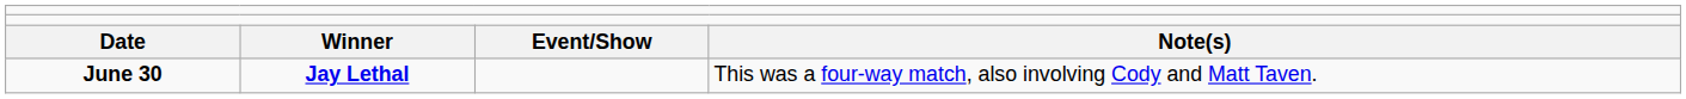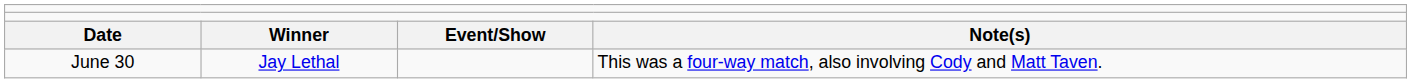 <table class="wikitable" style="text-align:center; width:100%;">
 <tr>
 <td colspan="5"></td>
 </tr>
 <tr>
 <td colspan="5"><strong></strong></td>
 </tr>
 <tr>
 <th width=14%>Date</th>
 <th width=14%>Winner</th>
 <th width=14%>Event/Show</th>
 <th width=58%>Note(s)</th>
 </tr>
 <tr>
-<td><strong>June 30</strong></td>
-<td><strong><a href='#'>Jay Lethal</a></strong></td>
+<td>June 30</td>
+<td><a href='#'>Jay Lethal</a></td>
 <td></td>
 <td align=left>This was a <a href='#'>four-way match</a>, also involving <a href='#'>Cody</a> and <a href='#'>Matt Taven</a>.</td>
 </tr>
 </table>
